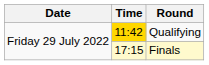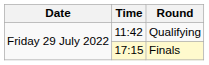 <table class="wikitable">
 <tr>
 <th>Date</th>
 <th>Time</th>
 <th>Round</th>
 </tr>
 <tr>
 <td rowspan=2>Friday 29 July 2022</td>
-<td style="background: gold;">11:42</td>
+<td>11:42</td>
 <td>Qualifying</td>
 </tr>
 <tr>
 <td style=background:lemonchiffon>17:15</td>
 <td style=background:lemonchiffon>Finals</td>
 </tr>
 </table>
